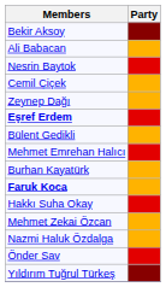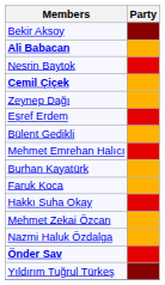 <table class=wikitable style="border:1px solid #8888aa; background-color:#f7f8ff; padding:0px; font-size:90%;">
 <tr>
 <th>Members</th>
 <th colspan="2">Party</th>
 </tr>
 <tr>
 <td><a href='#'>Bekir Aksoy</a></td>
 <td style="background: #870000"></td>
 </tr>
 <tr>
-<td><a href='#'>Ali Babacan</a></td>
+<td><strong><a href='#'>Ali Babacan</a></strong></td>
 <td style="background: #ffb300"></td>
 </tr>
 <tr>
 <td><a href='#'>Nesrin Baytok</a></td>
 <td style="background: #e30000"></td>
 </tr>
 <tr>
-<td><a href='#'>Cemil Çiçek</a></td>
+<td><strong><a href='#'>Cemil Çiçek</a></strong></td>
 <td style="background: #ffb300"></td>
 </tr>
 <tr>
 <td><a href='#'>Zeynep Dağı</a></td>
 <td style="background: #ffb300"></td>
 </tr>
 <tr>
-<td><strong><a href='#'>Eşref Erdem</a></strong></td>
+<td><a href='#'>Eşref Erdem</a></td>
 <td style="background: #e30000"></td>
 </tr>
 <tr>
 <td><a href='#'>Bülent Gedikli</a></td>
 <td style="background: #ffb300"></td>
 </tr>
 <tr>
 <td><a href='#'>Mehmet Emrehan Halıcı</a></td>
 <td style="background: #e30000"></td>
 </tr>
 <tr>
 <td><a href='#'>Burhan Kayatürk</a></td>
 <td style="background: #ffb300"></td>
 </tr>
 <tr>
-<td><strong><a href='#'>Faruk Koca</a></strong></td>
+<td><a href='#'>Faruk Koca</a></td>
 <td style="background: #ffb300"></td>
 </tr>
 <tr>
 <td><a href='#'>Hakkı Suha Okay</a></td>
 <td style="background: #e30000"></td>
 </tr>
 <tr>
 <td><a href='#'>Mehmet Zekai Özcan</a></td>
 <td style="background: #ffb300"></td>
 </tr>
 <tr>
 <td><a href='#'>Nazmi Haluk Özdalga</a></td>
 <td style="background: #ffb300"></td>
 </tr>
 <tr>
-<td><a href='#'>Önder Sav</a></td>
+<td><strong><a href='#'>Önder Sav</a></strong></td>
 <td style="background: #e30000"></td>
 </tr>
 <tr>
 <td><a href='#'>Yıldırım Tuğrul Türkeş</a></td>
 <td style="background: #870000"></td>
 </tr>
 <tr>
 </tr>
 </table>
